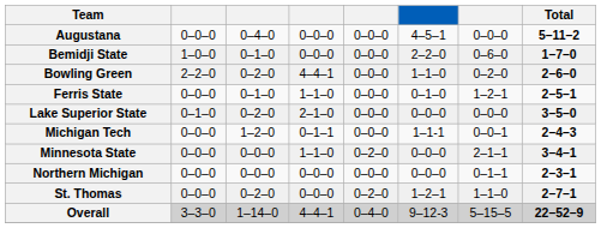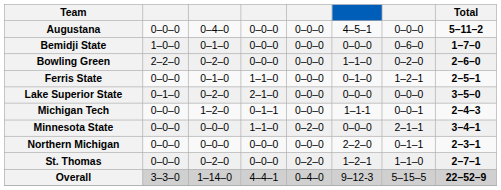 <table class="wikitable" style="text-align: center; "width=60%">
 <tr>
 <th>Team</th>
 <th><a href='#'></a></th>
 <th><a href='#'></a></th>
 <th><a href='#'></a></th>
 <th><a href='#'></a></th>
 <th style="color:white; background:#005EB8"><a href='#'></a></th>
 <th><a href='#'></a></th>
 <th>Total</th>
 </tr>
 <tr>
 <th>Augustana</th>
 <td>0–0–0</td>
 <td>0–4–0</td>
 <td>0–0–0</td>
 <td>0–0–0</td>
 <td>4–5–1</td>
 <td>0–0–0</td>
 <td><strong>5–11–2</strong></td>
 </tr>
 <tr bgcolor=f0f0f0>
 <th>Bemidji State</th>
 <td>1–0–0</td>
 <td>0–1–0</td>
 <td>0–0–0</td>
 <td>0–0–0</td>
-<td>2–2–0</td>
+<td>0–0–0</td>
 <td>0–6–0</td>
 <td><strong>1–7–0</strong></td>
 </tr>
 <tr bgcolor=f0f0f0>
 <th>Bowling Green</th>
 <td>2–2–0</td>
 <td>0–2–0</td>
-<td>4–4–1</td>
+<td>0–0–0</td>
 <td>0–0–0</td>
 <td>1–1–0</td>
 <td>0–2–0</td>
 <td><strong>2–6–0</strong></td>
 </tr>
 <tr>
 <th>Ferris State</th>
 <td>0–0–0</td>
 <td>0–1–0</td>
 <td>1–1–0</td>
 <td>0–0–0</td>
 <td>0–1–0</td>
 <td>1–2–1</td>
 <td><strong>2–5–1</strong></td>
 </tr>
 <tr bgcolor=f0f0f0>
 <th>Lake Superior State</th>
 <td>0–1–0</td>
 <td>0–2–0</td>
 <td>2–1–0</td>
 <td>0–0–0</td>
 <td>0–0–0</td>
 <td>0–0–0</td>
 <td><strong>3–5–0</strong></td>
 </tr>
 <tr>
 <th>Michigan Tech</th>
 <td>0–0–0</td>
 <td>1–2–0</td>
 <td>0–1–1</td>
 <td>0–0–0</td>
 <td>1–1-1</td>
 <td>0–0–1</td>
 <td><strong>2–4–3</strong></td>
 </tr>
 <tr bgcolor=f0f0f0>
 <th>Minnesota State</th>
 <td>0–0–0</td>
 <td>0–0–0</td>
 <td>1–1–0</td>
 <td>0–2–0</td>
 <td>0–0–0</td>
 <td>2–1–1</td>
 <td><strong>3–4–1</strong></td>
 </tr>
 <tr>
 <th>Northern Michigan</th>
 <td>0–0–0</td>
 <td>0–0–0</td>
 <td>0–0–0</td>
 <td>0–0–0</td>
-<td>0–0–0</td>
+<td>2–2–0</td>
 <td>0–1–1</td>
 <td><strong>2–3–1</strong></td>
 </tr>
 <tr bgcolor=f0f0f0>
 <th>St. Thomas</th>
 <td>0–0–0</td>
 <td>0–2–0</td>
 <td>0–0–0</td>
 <td>0–2–0</td>
 <td>1–2–1</td>
 <td>1–1–0</td>
 <td><strong>2–7–1</strong></td>
 </tr>
 <tr bgcolor=d0d0d0>
 <th>Overall</th>
 <td>3–3–0</td>
 <td>1–14–0</td>
 <td>4–4–1</td>
 <td>0–4–0</td>
 <td>9–12-3</td>
 <td>5–15–5</td>
 <td><strong>22–52–9</strong></td>
 </tr>
 <tr>
 </tr>
 </table>
